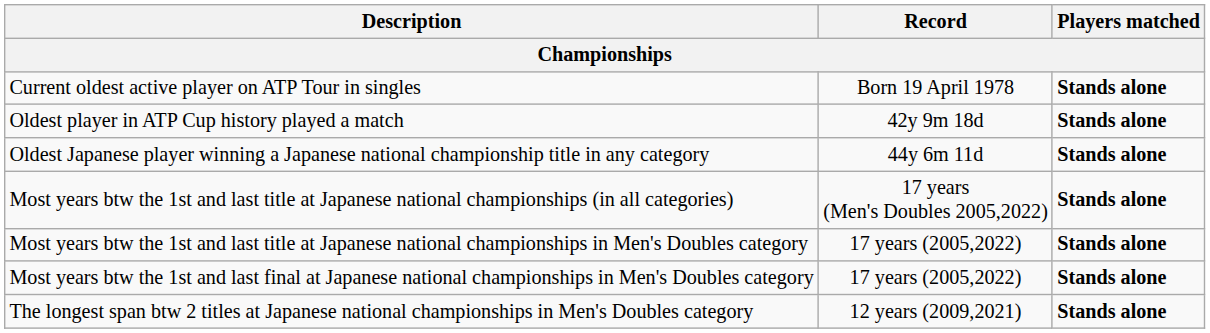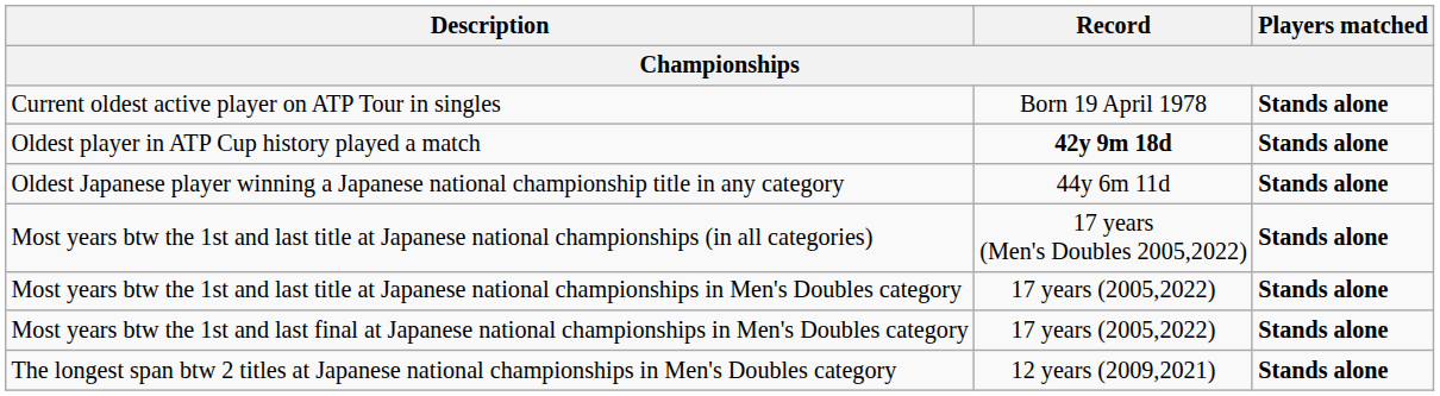 <table class="wikitable" style="font-size:90%;">
 <tr>
 <th>Description</th>
 <th>Record</th>
 <th>Players matched</th>
 </tr>
 <tr>
 <th colspan=3>Championships</th>
 </tr>
 <tr>
 <td>Current oldest active player on ATP Tour in singles</td>
 <td align=center>Born 19 April 1978</td>
 <td><strong>Stands alone</strong></td>
 </tr>
 <tr>
 <td>Oldest player in ATP Cup history played a match</td>
-<td align=center>42y 9m 18d</td>
+<td align=center><strong>42y 9m 18d</strong></td>
 <td><strong>Stands alone</strong></td>
 </tr>
 <tr>
 <td>Oldest Japanese player winning a Japanese national championship title in any category</td>
 <td align=center>44y 6m 11d</td>
 <td><strong>Stands alone</strong></td>
 </tr>
 <tr>
 <td>Most years btw the 1st and last title at Japanese national championships (in all categories)</td>
 <td align=center>17 years<br>(Men's Doubles 2005,2022)</td>
 <td><strong>Stands alone</strong></td>
 </tr>
 <tr>
 <td>Most years btw the 1st and last title at Japanese national championships in Men's Doubles category</td>
 <td align=center>17 years (2005,2022)</td>
 <td><strong>Stands alone</strong></td>
 </tr>
 <tr>
 <td>Most years btw the 1st and last final at Japanese national championships in Men's Doubles category</td>
 <td align=center>17 years (2005,2022)</td>
 <td><strong>Stands alone</strong></td>
 </tr>
 <tr>
 <td>The longest span btw 2 titles at Japanese national championships in Men's Doubles category</td>
 <td align=center>12 years (2009,2021)</td>
 <td><strong>Stands alone</strong></td>
 </tr>
 </table>
